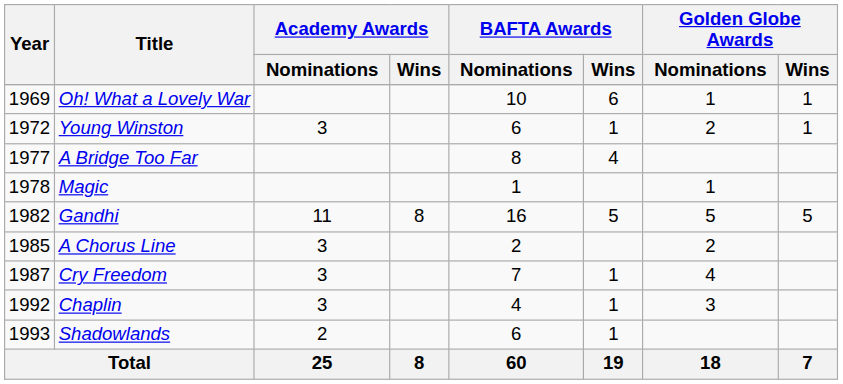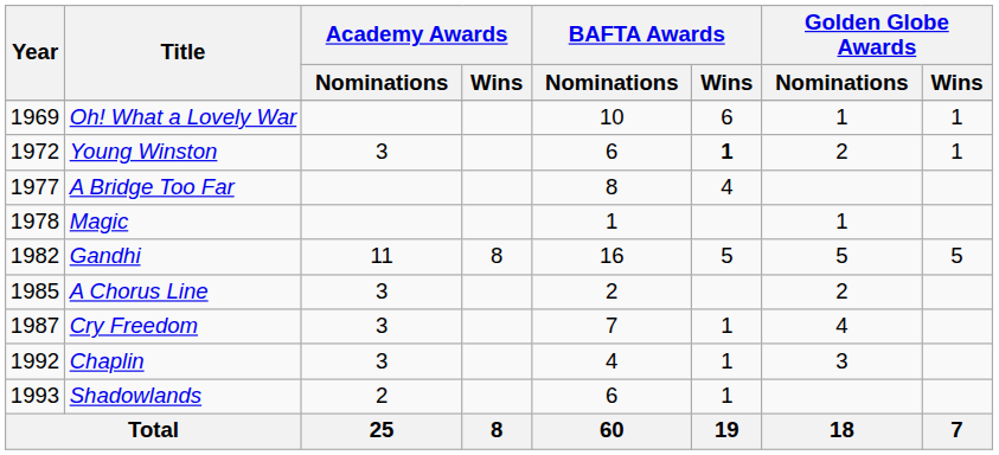 <table class="wikitable">
 <tr>
 <th rowspan="2">Year</th>
 <th rowspan="2">Title</th>
 <th colspan="2" style="text-align:center; width:160px;"><a href='#'>Academy Awards</a></th>
 <th colspan="2" style="text-align:center; width:160px;"><a href='#'>BAFTA Awards</a></th>
 <th colspan="2" style="text-align:center; width:160px;"><a href='#'>Golden Globe Awards</a></th>
 </tr>
 <tr>
 <th>Nominations</th>
 <th>Wins</th>
 <th>Nominations</th>
 <th>Wins</th>
 <th>Nominations</th>
 <th>Wins</th>
 </tr>
 <tr>
 </tr>
 <tr>
 <td>1969</td>
 <td><em><a href='#'>Oh! What a Lovely War</a></em></td>
 <td></td>
 <td></td>
 <td style="text-align:center;">10</td>
 <td style="text-align:center;">6</td>
 <td style="text-align:center;">1</td>
 <td style="text-align:center;">1</td>
 </tr>
 <tr>
 <td>1972</td>
 <td><em><a href='#'>Young Winston</a></em></td>
 <td style="text-align:center;">3</td>
 <td></td>
 <td style="text-align:center;">6</td>
-<td style="text-align:center;">1</td>
+<td style="text-align:center;"><strong>1</strong></td>
 <td style="text-align:center;">2</td>
 <td style="text-align:center;">1</td>
 </tr>
 <tr>
 <td>1977</td>
 <td><em><a href='#'>A Bridge Too Far</a></em></td>
 <td></td>
 <td></td>
 <td style="text-align:center;">8</td>
 <td style="text-align:center;">4</td>
 <td></td>
 <td></td>
 </tr>
 <tr>
 <td>1978</td>
 <td><em><a href='#'>Magic</a></em></td>
 <td></td>
 <td></td>
 <td style="text-align:center;">1</td>
 <td></td>
 <td style="text-align:center;">1</td>
 <td></td>
 </tr>
 <tr>
 <td>1982</td>
 <td><em><a href='#'>Gandhi</a></em></td>
 <td style="text-align:center;">11</td>
 <td style="text-align:center;">8</td>
 <td style="text-align:center;">16</td>
 <td style="text-align:center;">5</td>
 <td style="text-align:center;">5</td>
 <td style="text-align:center;">5</td>
 </tr>
 <tr>
 <td>1985</td>
 <td><em><a href='#'>A Chorus Line</a></em></td>
 <td style="text-align:center;">3</td>
 <td></td>
 <td style="text-align:center;">2</td>
 <td></td>
 <td style="text-align:center;">2</td>
 <td></td>
 </tr>
 <tr>
 <td>1987</td>
 <td><em><a href='#'>Cry Freedom</a></em></td>
 <td style="text-align:center;">3</td>
 <td></td>
 <td style="text-align:center;">7</td>
 <td style="text-align:center;">1</td>
 <td style="text-align:center;">4</td>
 <td></td>
 </tr>
 <tr>
 <td>1992</td>
 <td><em><a href='#'>Chaplin</a></em></td>
 <td style="text-align:center;">3</td>
 <td></td>
 <td style="text-align:center;">4</td>
 <td style="text-align:center;">1</td>
 <td style="text-align:center;">3</td>
 <td></td>
 </tr>
 <tr>
 <td>1993</td>
 <td><em><a href='#'>Shadowlands</a></em></td>
 <td style="text-align:center;">2</td>
 <td></td>
 <td style="text-align:center;">6</td>
 <td style="text-align:center;">1</td>
 <td></td>
 <td></td>
 </tr>
 <tr>
 <th colspan="2">Total</th>
 <th align=center>25</th>
 <th align=center>8</th>
 <th align=center>60</th>
 <th align=center>19</th>
 <th align=center>18</th>
 <th align=center>7</th>
 </tr>
 </table>
